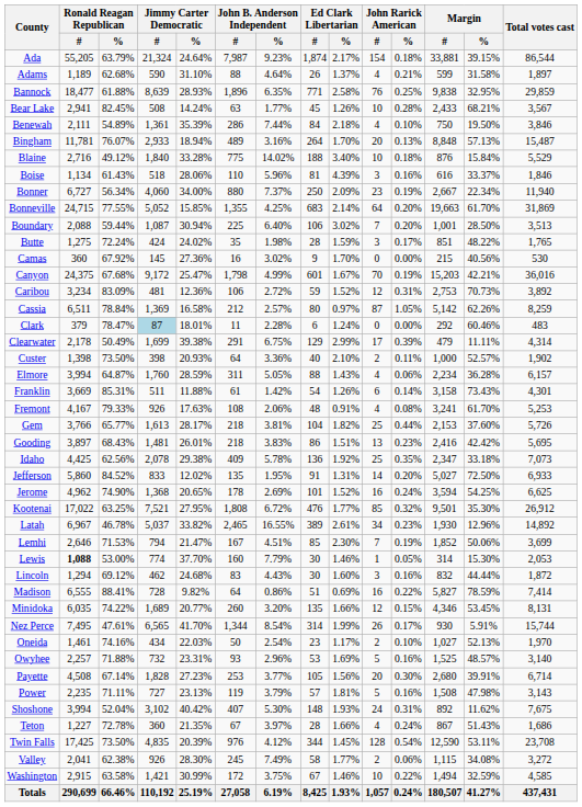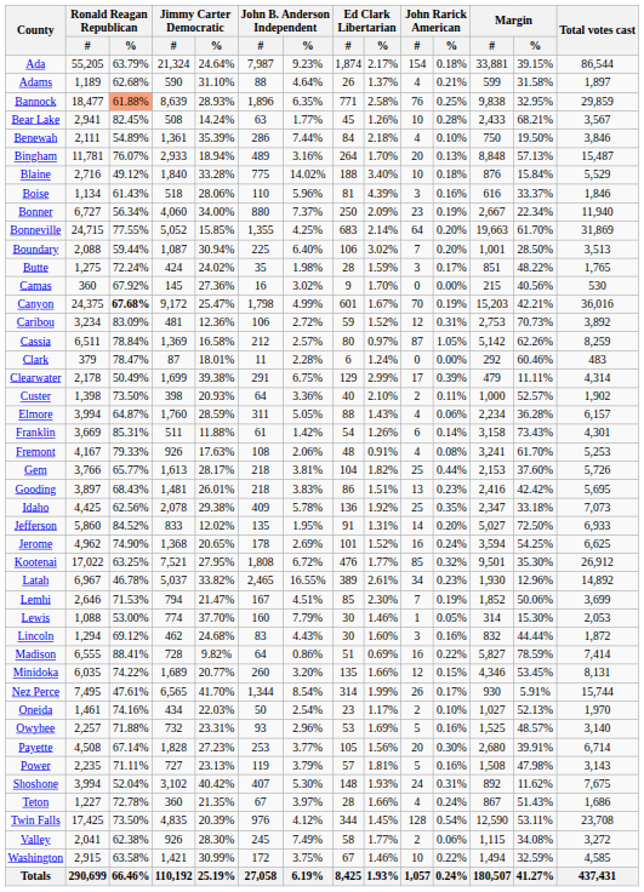 <table class="wikitable sortable" style="text-align:center">
 <tr>
 <th style="text-align:center;" rowspan="2">County</th>
 <th style="text-align:center;" colspan="2">Ronald Reagan<br>Republican</th>
 <th style="text-align:center;" colspan="2">Jimmy Carter<br>Democratic</th>
 <th style="text-align:center;" colspan="2">John B. Anderson<br>Independent</th>
 <th style="text-align:center;" colspan="2">Ed Clark<br>Libertarian</th>
 <th style="text-align:center;" colspan="2">John Rarick<br>American</th>
 <th style="text-align:center;" colspan="2">Margin</th>
 <th style="text-align:center;" rowspan="2">Total votes cast</th>
 </tr>
 <tr>
 <th style="text-align:center;" data-sort-type="number">#</th>
 <th style="text-align:center;" data-sort-type="number">%</th>
 <th style="text-align:center;" data-sort-type="number">#</th>
 <th style="text-align:center;" data-sort-type="number">%</th>
 <th style="text-align:center;" data-sort-type="number">#</th>
 <th style="text-align:center;" data-sort-type="number">%</th>
 <th style="text-align:center;" data-sort-type="number">#</th>
 <th style="text-align:center;" data-sort-type="number">%</th>
 <th style="text-align:center;" data-sort-type="number">#</th>
 <th style="text-align:center;" data-sort-type="number">%</th>
 <th style="text-align:center;" data-sort-type="number">#</th>
 <th style="text-align:center;" data-sort-type="number">%</th>
 </tr>
 <tr style="text-align:center;">
 <td><a href='#'>Ada</a></td>
 <td>55,205</td>
 <td>63.79%</td>
 <td>21,324</td>
 <td>24.64%</td>
 <td>7,987</td>
 <td>9.23%</td>
 <td>1,874</td>
 <td>2.17%</td>
 <td>154</td>
 <td>0.18%</td>
 <td>33,881</td>
 <td>39.15%</td>
 <td>86,544</td>
 </tr>
 <tr style="text-align:center;">
 <td><a href='#'>Adams</a></td>
 <td>1,189</td>
 <td>62.68%</td>
 <td>590</td>
 <td>31.10%</td>
 <td>88</td>
 <td>4.64%</td>
 <td>26</td>
 <td>1.37%</td>
 <td>4</td>
 <td>0.21%</td>
 <td>599</td>
 <td>31.58%</td>
 <td>1,897</td>
 </tr>
 <tr style="text-align:center;">
 <td><a href='#'>Bannock</a></td>
 <td>18,477</td>
-<td>61.88%</td>
+<td style="background: lightsalmon;">61.88%</td>
 <td>8,639</td>
 <td>28.93%</td>
 <td>1,896</td>
 <td>6.35%</td>
 <td>771</td>
 <td>2.58%</td>
 <td>76</td>
 <td>0.25%</td>
 <td>9,838</td>
 <td>32.95%</td>
 <td>29,859</td>
 </tr>
 <tr style="text-align:center;">
 <td><a href='#'>Bear Lake</a></td>
 <td>2,941</td>
 <td>82.45%</td>
 <td>508</td>
 <td>14.24%</td>
 <td>63</td>
 <td>1.77%</td>
 <td>45</td>
 <td>1.26%</td>
 <td>10</td>
 <td>0.28%</td>
 <td>2,433</td>
 <td>68.21%</td>
 <td>3,567</td>
 </tr>
 <tr style="text-align:center;">
 <td><a href='#'>Benewah</a></td>
 <td>2,111</td>
 <td>54.89%</td>
 <td>1,361</td>
 <td>35.39%</td>
 <td>286</td>
 <td>7.44%</td>
 <td>84</td>
 <td>2.18%</td>
 <td>4</td>
 <td>0.10%</td>
 <td>750</td>
 <td>19.50%</td>
 <td>3,846</td>
 </tr>
 <tr style="text-align:center;">
 <td><a href='#'>Bingham</a></td>
 <td>11,781</td>
 <td>76.07%</td>
 <td>2,933</td>
 <td>18.94%</td>
 <td>489</td>
 <td>3.16%</td>
 <td>264</td>
 <td>1.70%</td>
 <td>20</td>
 <td>0.13%</td>
 <td>8,848</td>
 <td>57.13%</td>
 <td>15,487</td>
 </tr>
 <tr style="text-align:center;">
 <td><a href='#'>Blaine</a></td>
 <td>2,716</td>
 <td>49.12%</td>
 <td>1,840</td>
 <td>33.28%</td>
 <td>775</td>
 <td>14.02%</td>
 <td>188</td>
 <td>3.40%</td>
 <td>10</td>
 <td>0.18%</td>
 <td>876</td>
 <td>15.84%</td>
 <td>5,529</td>
 </tr>
 <tr style="text-align:center;">
 <td><a href='#'>Boise</a></td>
 <td>1,134</td>
 <td>61.43%</td>
 <td>518</td>
 <td>28.06%</td>
 <td>110</td>
 <td>5.96%</td>
 <td>81</td>
 <td>4.39%</td>
 <td>3</td>
 <td>0.16%</td>
 <td>616</td>
 <td>33.37%</td>
 <td>1,846</td>
 </tr>
 <tr style="text-align:center;">
 <td><a href='#'>Bonner</a></td>
 <td>6,727</td>
 <td>56.34%</td>
 <td>4,060</td>
 <td>34.00%</td>
 <td>880</td>
 <td>7.37%</td>
 <td>250</td>
 <td>2.09%</td>
 <td>23</td>
 <td>0.19%</td>
 <td>2,667</td>
 <td>22.34%</td>
 <td>11,940</td>
 </tr>
 <tr style="text-align:center;">
 <td><a href='#'>Bonneville</a></td>
 <td>24,715</td>
 <td>77.55%</td>
 <td>5,052</td>
 <td>15.85%</td>
 <td>1,355</td>
 <td>4.25%</td>
 <td>683</td>
 <td>2.14%</td>
 <td>64</td>
 <td>0.20%</td>
 <td>19,663</td>
 <td>61.70%</td>
 <td>31,869</td>
 </tr>
 <tr style="text-align:center;">
 <td><a href='#'>Boundary</a></td>
 <td>2,088</td>
 <td>59.44%</td>
 <td>1,087</td>
 <td>30.94%</td>
 <td>225</td>
 <td>6.40%</td>
 <td>106</td>
 <td>3.02%</td>
 <td>7</td>
 <td>0.20%</td>
 <td>1,001</td>
 <td>28.50%</td>
 <td>3,513</td>
 </tr>
 <tr style="text-align:center;">
 <td><a href='#'>Butte</a></td>
 <td>1,275</td>
 <td>72.24%</td>
 <td>424</td>
 <td>24.02%</td>
 <td>35</td>
 <td>1.98%</td>
 <td>28</td>
 <td>1.59%</td>
 <td>3</td>
 <td>0.17%</td>
 <td>851</td>
 <td>48.22%</td>
 <td>1,765</td>
 </tr>
 <tr style="text-align:center;">
 <td><a href='#'>Camas</a></td>
 <td>360</td>
 <td>67.92%</td>
 <td>145</td>
 <td>27.36%</td>
 <td>16</td>
 <td>3.02%</td>
 <td>9</td>
 <td>1.70%</td>
 <td>0</td>
 <td>0.00%</td>
 <td>215</td>
 <td>40.56%</td>
 <td>530</td>
 </tr>
 <tr style="text-align:center;">
 <td><a href='#'>Canyon</a></td>
 <td>24,375</td>
-<td>67.68%</td>
+<td><strong>67.68%</strong></td>
 <td>9,172</td>
 <td>25.47%</td>
 <td>1,798</td>
 <td>4.99%</td>
 <td>601</td>
 <td>1.67%</td>
 <td>70</td>
 <td>0.19%</td>
 <td>15,203</td>
 <td>42.21%</td>
 <td>36,016</td>
 </tr>
 <tr style="text-align:center;">
 <td><a href='#'>Caribou</a></td>
 <td>3,234</td>
 <td>83.09%</td>
 <td>481</td>
 <td>12.36%</td>
 <td>106</td>
 <td>2.72%</td>
 <td>59</td>
 <td>1.52%</td>
 <td>12</td>
 <td>0.31%</td>
 <td>2,753</td>
 <td>70.73%</td>
 <td>3,892</td>
 </tr>
 <tr style="text-align:center;">
 <td><a href='#'>Cassia</a></td>
 <td>6,511</td>
 <td>78.84%</td>
 <td>1,369</td>
 <td>16.58%</td>
 <td>212</td>
 <td>2.57%</td>
 <td>80</td>
 <td>0.97%</td>
 <td>87</td>
 <td>1.05%</td>
 <td>5,142</td>
 <td>62.26%</td>
 <td>8,259</td>
 </tr>
 <tr style="text-align:center;">
 <td><a href='#'>Clark</a></td>
 <td>379</td>
 <td>78.47%</td>
-<td style="background: lightblue;">87</td>
+<td>87</td>
 <td>18.01%</td>
 <td>11</td>
 <td>2.28%</td>
 <td>6</td>
 <td>1.24%</td>
 <td>0</td>
 <td>0.00%</td>
 <td>292</td>
 <td>60.46%</td>
 <td>483</td>
 </tr>
 <tr style="text-align:center;">
 <td><a href='#'>Clearwater</a></td>
 <td>2,178</td>
 <td>50.49%</td>
 <td>1,699</td>
 <td>39.38%</td>
 <td>291</td>
 <td>6.75%</td>
 <td>129</td>
 <td>2.99%</td>
 <td>17</td>
 <td>0.39%</td>
 <td>479</td>
 <td>11.11%</td>
 <td>4,314</td>
 </tr>
 <tr style="text-align:center;">
 <td><a href='#'>Custer</a></td>
 <td>1,398</td>
 <td>73.50%</td>
 <td>398</td>
 <td>20.93%</td>
 <td>64</td>
 <td>3.36%</td>
 <td>40</td>
 <td>2.10%</td>
 <td>2</td>
 <td>0.11%</td>
 <td>1,000</td>
 <td>52.57%</td>
 <td>1,902</td>
 </tr>
 <tr style="text-align:center;">
 <td><a href='#'>Elmore</a></td>
 <td>3,994</td>
 <td>64.87%</td>
 <td>1,760</td>
 <td>28.59%</td>
 <td>311</td>
 <td>5.05%</td>
 <td>88</td>
 <td>1.43%</td>
 <td>4</td>
 <td>0.06%</td>
 <td>2,234</td>
 <td>36.28%</td>
 <td>6,157</td>
 </tr>
 <tr style="text-align:center;">
 <td><a href='#'>Franklin</a></td>
 <td>3,669</td>
 <td>85.31%</td>
 <td>511</td>
 <td>11.88%</td>
 <td>61</td>
 <td>1.42%</td>
 <td>54</td>
 <td>1.26%</td>
 <td>6</td>
 <td>0.14%</td>
 <td>3,158</td>
 <td>73.43%</td>
 <td>4,301</td>
 </tr>
 <tr style="text-align:center;">
 <td><a href='#'>Fremont</a></td>
 <td>4,167</td>
 <td>79.33%</td>
 <td>926</td>
 <td>17.63%</td>
 <td>108</td>
 <td>2.06%</td>
 <td>48</td>
 <td>0.91%</td>
 <td>4</td>
 <td>0.08%</td>
 <td>3,241</td>
 <td>61.70%</td>
 <td>5,253</td>
 </tr>
 <tr style="text-align:center;">
 <td><a href='#'>Gem</a></td>
 <td>3,766</td>
 <td>65.77%</td>
 <td>1,613</td>
 <td>28.17%</td>
 <td>218</td>
 <td>3.81%</td>
 <td>104</td>
 <td>1.82%</td>
 <td>25</td>
 <td>0.44%</td>
 <td>2,153</td>
 <td>37.60%</td>
 <td>5,726</td>
 </tr>
 <tr style="text-align:center;">
 <td><a href='#'>Gooding</a></td>
 <td>3,897</td>
 <td>68.43%</td>
 <td>1,481</td>
 <td>26.01%</td>
 <td>218</td>
 <td>3.83%</td>
 <td>86</td>
 <td>1.51%</td>
 <td>13</td>
 <td>0.23%</td>
 <td>2,416</td>
 <td>42.42%</td>
 <td>5,695</td>
 </tr>
 <tr style="text-align:center;">
 <td><a href='#'>Idaho</a></td>
 <td>4,425</td>
 <td>62.56%</td>
 <td>2,078</td>
 <td>29.38%</td>
 <td>409</td>
 <td>5.78%</td>
 <td>136</td>
 <td>1.92%</td>
 <td>25</td>
 <td>0.35%</td>
 <td>2,347</td>
 <td>33.18%</td>
 <td>7,073</td>
 </tr>
 <tr style="text-align:center;">
 <td><a href='#'>Jefferson</a></td>
 <td>5,860</td>
 <td>84.52%</td>
 <td>833</td>
 <td>12.02%</td>
 <td>135</td>
 <td>1.95%</td>
 <td>91</td>
 <td>1.31%</td>
 <td>14</td>
 <td>0.20%</td>
 <td>5,027</td>
 <td>72.50%</td>
 <td>6,933</td>
 </tr>
 <tr style="text-align:center;">
 <td><a href='#'>Jerome</a></td>
 <td>4,962</td>
 <td>74.90%</td>
 <td>1,368</td>
 <td>20.65%</td>
 <td>178</td>
 <td>2.69%</td>
 <td>101</td>
 <td>1.52%</td>
 <td>16</td>
 <td>0.24%</td>
 <td>3,594</td>
 <td>54.25%</td>
 <td>6,625</td>
 </tr>
 <tr style="text-align:center;">
 <td><a href='#'>Kootenai</a></td>
 <td>17,022</td>
 <td>63.25%</td>
 <td>7,521</td>
 <td>27.95%</td>
 <td>1,808</td>
 <td>6.72%</td>
 <td>476</td>
 <td>1.77%</td>
 <td>85</td>
 <td>0.32%</td>
 <td>9,501</td>
 <td>35.30%</td>
 <td>26,912</td>
 </tr>
 <tr style="text-align:center;">
 <td><a href='#'>Latah</a></td>
 <td>6,967</td>
 <td>46.78%</td>
 <td>5,037</td>
 <td>33.82%</td>
 <td>2,465</td>
 <td>16.55%</td>
 <td>389</td>
 <td>2.61%</td>
 <td>34</td>
 <td>0.23%</td>
 <td>1,930</td>
 <td>12.96%</td>
 <td>14,892</td>
 </tr>
 <tr style="text-align:center;">
 <td><a href='#'>Lemhi</a></td>
 <td>2,646</td>
 <td>71.53%</td>
 <td>794</td>
 <td>21.47%</td>
 <td>167</td>
 <td>4.51%</td>
 <td>85</td>
 <td>2.30%</td>
 <td>7</td>
 <td>0.19%</td>
 <td>1,852</td>
 <td>50.06%</td>
 <td>3,699</td>
 </tr>
 <tr style="text-align:center;">
 <td><a href='#'>Lewis</a></td>
-<td><strong>1,088</strong></td>
+<td>1,088</td>
 <td>53.00%</td>
 <td>774</td>
 <td>37.70%</td>
 <td>160</td>
 <td>7.79%</td>
 <td>30</td>
 <td>1.46%</td>
 <td>1</td>
 <td>0.05%</td>
 <td>314</td>
 <td>15.30%</td>
 <td>2,053</td>
 </tr>
 <tr style="text-align:center;">
 <td><a href='#'>Lincoln</a></td>
 <td>1,294</td>
 <td>69.12%</td>
 <td>462</td>
 <td>24.68%</td>
 <td>83</td>
 <td>4.43%</td>
 <td>30</td>
 <td>1.60%</td>
 <td>3</td>
 <td>0.16%</td>
 <td>832</td>
 <td>44.44%</td>
 <td>1,872</td>
 </tr>
 <tr style="text-align:center;">
 <td><a href='#'>Madison</a></td>
 <td>6,555</td>
 <td>88.41%</td>
 <td>728</td>
 <td>9.82%</td>
 <td>64</td>
 <td>0.86%</td>
 <td>51</td>
 <td>0.69%</td>
 <td>16</td>
 <td>0.22%</td>
 <td>5,827</td>
 <td>78.59%</td>
 <td>7,414</td>
 </tr>
 <tr style="text-align:center;">
 <td><a href='#'>Minidoka</a></td>
 <td>6,035</td>
 <td>74.22%</td>
 <td>1,689</td>
 <td>20.77%</td>
 <td>260</td>
 <td>3.20%</td>
 <td>135</td>
 <td>1.66%</td>
 <td>12</td>
 <td>0.15%</td>
 <td>4,346</td>
 <td>53.45%</td>
 <td>8,131</td>
 </tr>
 <tr style="text-align:center;">
 <td><a href='#'>Nez Perce</a></td>
 <td>7,495</td>
 <td>47.61%</td>
 <td>6,565</td>
 <td>41.70%</td>
 <td>1,344</td>
 <td>8.54%</td>
 <td>314</td>
 <td>1.99%</td>
 <td>26</td>
 <td>0.17%</td>
 <td>930</td>
 <td>5.91%</td>
 <td>15,744</td>
 </tr>
 <tr style="text-align:center;">
 <td><a href='#'>Oneida</a></td>
 <td>1,461</td>
 <td>74.16%</td>
 <td>434</td>
 <td>22.03%</td>
 <td>50</td>
 <td>2.54%</td>
 <td>23</td>
 <td>1.17%</td>
 <td>2</td>
 <td>0.10%</td>
 <td>1,027</td>
 <td>52.13%</td>
 <td>1,970</td>
 </tr>
 <tr style="text-align:center;">
 <td><a href='#'>Owyhee</a></td>
 <td>2,257</td>
 <td>71.88%</td>
 <td>732</td>
 <td>23.31%</td>
 <td>93</td>
 <td>2.96%</td>
 <td>53</td>
 <td>1.69%</td>
 <td>5</td>
 <td>0.16%</td>
 <td>1,525</td>
 <td>48.57%</td>
 <td>3,140</td>
 </tr>
 <tr style="text-align:center;">
 <td><a href='#'>Payette</a></td>
 <td>4,508</td>
 <td>67.14%</td>
 <td>1,828</td>
 <td>27.23%</td>
 <td>253</td>
 <td>3.77%</td>
 <td>105</td>
 <td>1.56%</td>
 <td>20</td>
 <td>0.30%</td>
 <td>2,680</td>
 <td>39.91%</td>
 <td>6,714</td>
 </tr>
 <tr style="text-align:center;">
 <td><a href='#'>Power</a></td>
 <td>2,235</td>
 <td>71.11%</td>
 <td>727</td>
 <td>23.13%</td>
 <td>119</td>
 <td>3.79%</td>
 <td>57</td>
 <td>1.81%</td>
 <td>5</td>
 <td>0.16%</td>
 <td>1,508</td>
 <td>47.98%</td>
 <td>3,143</td>
 </tr>
 <tr style="text-align:center;">
 <td><a href='#'>Shoshone</a></td>
 <td>3,994</td>
 <td>52.04%</td>
 <td>3,102</td>
 <td>40.42%</td>
 <td>407</td>
 <td>5.30%</td>
 <td>148</td>
 <td>1.93%</td>
 <td>24</td>
 <td>0.31%</td>
 <td>892</td>
 <td>11.62%</td>
 <td>7,675</td>
 </tr>
 <tr style="text-align:center;">
 <td><a href='#'>Teton</a></td>
 <td>1,227</td>
 <td>72.78%</td>
 <td>360</td>
 <td>21.35%</td>
 <td>67</td>
 <td>3.97%</td>
 <td>28</td>
 <td>1.66%</td>
 <td>4</td>
 <td>0.24%</td>
 <td>867</td>
 <td>51.43%</td>
 <td>1,686</td>
 </tr>
 <tr style="text-align:center;">
 <td><a href='#'>Twin Falls</a></td>
 <td>17,425</td>
 <td>73.50%</td>
 <td>4,835</td>
 <td>20.39%</td>
 <td>976</td>
 <td>4.12%</td>
 <td>344</td>
 <td>1.45%</td>
 <td>128</td>
 <td>0.54%</td>
 <td>12,590</td>
 <td>53.11%</td>
 <td>23,708</td>
 </tr>
 <tr style="text-align:center;">
 <td><a href='#'>Valley</a></td>
 <td>2,041</td>
 <td>62.38%</td>
 <td>926</td>
 <td>28.30%</td>
 <td>245</td>
 <td>7.49%</td>
 <td>58</td>
 <td>1.77%</td>
 <td>2</td>
 <td>0.06%</td>
 <td>1,115</td>
 <td>34.08%</td>
 <td>3,272</td>
 </tr>
 <tr style="text-align:center;">
 <td><a href='#'>Washington</a></td>
 <td>2,915</td>
 <td>63.58%</td>
 <td>1,421</td>
 <td>30.99%</td>
 <td>172</td>
 <td>3.75%</td>
 <td>67</td>
 <td>1.46%</td>
 <td>10</td>
 <td>0.22%</td>
 <td>1,494</td>
 <td>32.59%</td>
 <td>4,585</td>
 </tr>
 <tr style="text-align:center;">
 <th>Totals</th>
 <th>290,699</th>
 <th>66.46%</th>
 <th>110,192</th>
 <th>25.19%</th>
 <th>27,058</th>
 <th>6.19%</th>
 <th>8,425</th>
 <th>1.93%</th>
 <th>1,057</th>
 <th>0.24%</th>
 <th>180,507</th>
 <th>41.27%</th>
 <th>437,431</th>
 </tr>
 </table>
